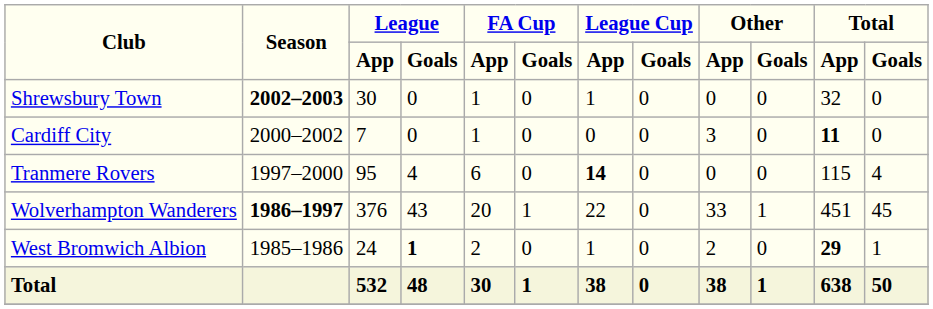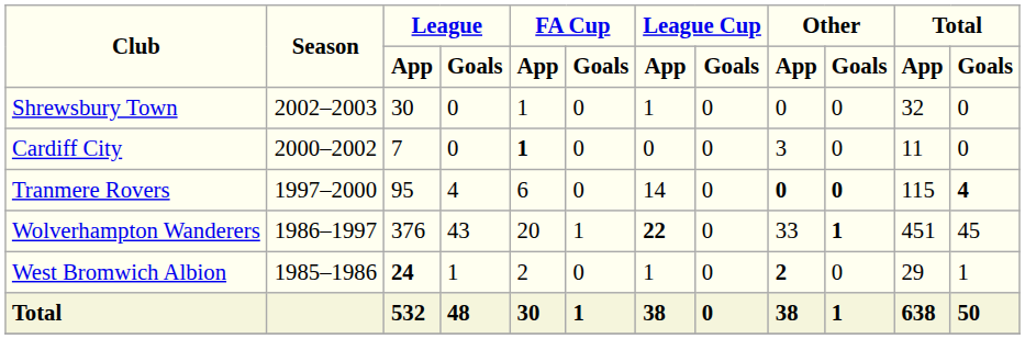 <table border=1 align=center cellpadding=4 cellspacing=2 style="background: ivory; font-size: 90%; border: 1px #aaaaaa solid; border-collapse: collapse; clear:center">
 <tr>
 <th rowspan="2">Club</th>
 <th rowspan="2">Season</th>
 <th colspan="2"><a href='#'>League</a></th>
 <th colspan="2"><a href='#'>FA Cup</a></th>
 <th colspan="2"><a href='#'>League Cup</a></th>
 <th colspan="2">Other</th>
 <th colspan="2">Total</th>
 </tr>
 <tr>
 <th>App</th>
 <th>Goals</th>
 <th>App</th>
 <th>Goals</th>
 <th>App</th>
 <th>Goals</th>
 <th>App</th>
 <th>Goals</th>
 <th>App</th>
 <th>Goals</th>
 </tr>
 <tr>
 <td rowspan="1" valign=top><a href='#'>Shrewsbury Town</a></td>
-<td><strong>2002–2003</strong></td>
+<td>2002–2003</td>
 <td>30</td>
 <td>0</td>
 <td>1</td>
 <td>0</td>
 <td>1</td>
 <td>0</td>
 <td>0</td>
 <td>0</td>
 <td>32</td>
 <td>0</td>
 </tr>
 <tr>
 <td rowspan="1" valign=top><a href='#'>Cardiff City</a></td>
 <td>2000–2002</td>
 <td>7</td>
 <td>0</td>
-<td>1</td>
+<td><strong>1</strong></td>
 <td>0</td>
 <td>0</td>
 <td>0</td>
 <td>3</td>
 <td>0</td>
-<td><strong>11</strong></td>
+<td>11</td>
 <td>0</td>
 </tr>
 <tr>
 <td rowspan="1" valign=top><a href='#'>Tranmere Rovers</a></td>
 <td>1997–2000</td>
 <td>95</td>
 <td>4</td>
 <td>6</td>
 <td>0</td>
-<td><strong>14</strong></td>
+<td>14</td>
 <td>0</td>
-<td>0</td>
-<td>0</td>
+<td><strong>0</strong></td>
+<td><strong>0</strong></td>
 <td>115</td>
-<td>4</td>
+<td><strong>4</strong></td>
 </tr>
 <tr>
 <td rowspan="1" valign=top><a href='#'>Wolverhampton Wanderers</a></td>
-<td><strong>1986–1997</strong></td>
+<td>1986–1997</td>
 <td>376</td>
 <td>43</td>
 <td>20</td>
 <td>1</td>
-<td>22</td>
+<td><strong>22</strong></td>
 <td>0</td>
 <td>33</td>
-<td>1</td>
+<td><strong>1</strong></td>
 <td>451</td>
 <td>45</td>
 </tr>
 <tr>
 <td rowspan="1" valign=top><a href='#'>West Bromwich Albion</a></td>
 <td>1985–1986</td>
-<td>24</td>
-<td><strong>1</strong></td>
+<td><strong>24</strong></td>
+<td>1</td>
 <td>2</td>
 <td>0</td>
 <td>1</td>
 <td>0</td>
-<td>2</td>
+<td><strong>2</strong></td>
 <td>0</td>
-<td><strong>29</strong></td>
+<td>29</td>
 <td>1</td>
 </tr>
 <tr>
 <th align=left style="background:beige">Total</th>
 <th align=left style="background:beige" colspan="1"></th>
 <th align=left style="background:beige">532</th>
 <th align=left style="background:beige">48</th>
 <th align=left style="background:beige">30</th>
 <th align=left style="background:beige">1</th>
 <th align=left style="background:beige">38</th>
 <th align=left style="background:beige">0</th>
 <th align=left style="background:beige">38</th>
 <th align=left style="background:beige">1</th>
 <th align=left style="background:beige">638</th>
 <th align=left style="background:beige">50</th>
 </tr>
 <tr>
 </tr>
 </table>
